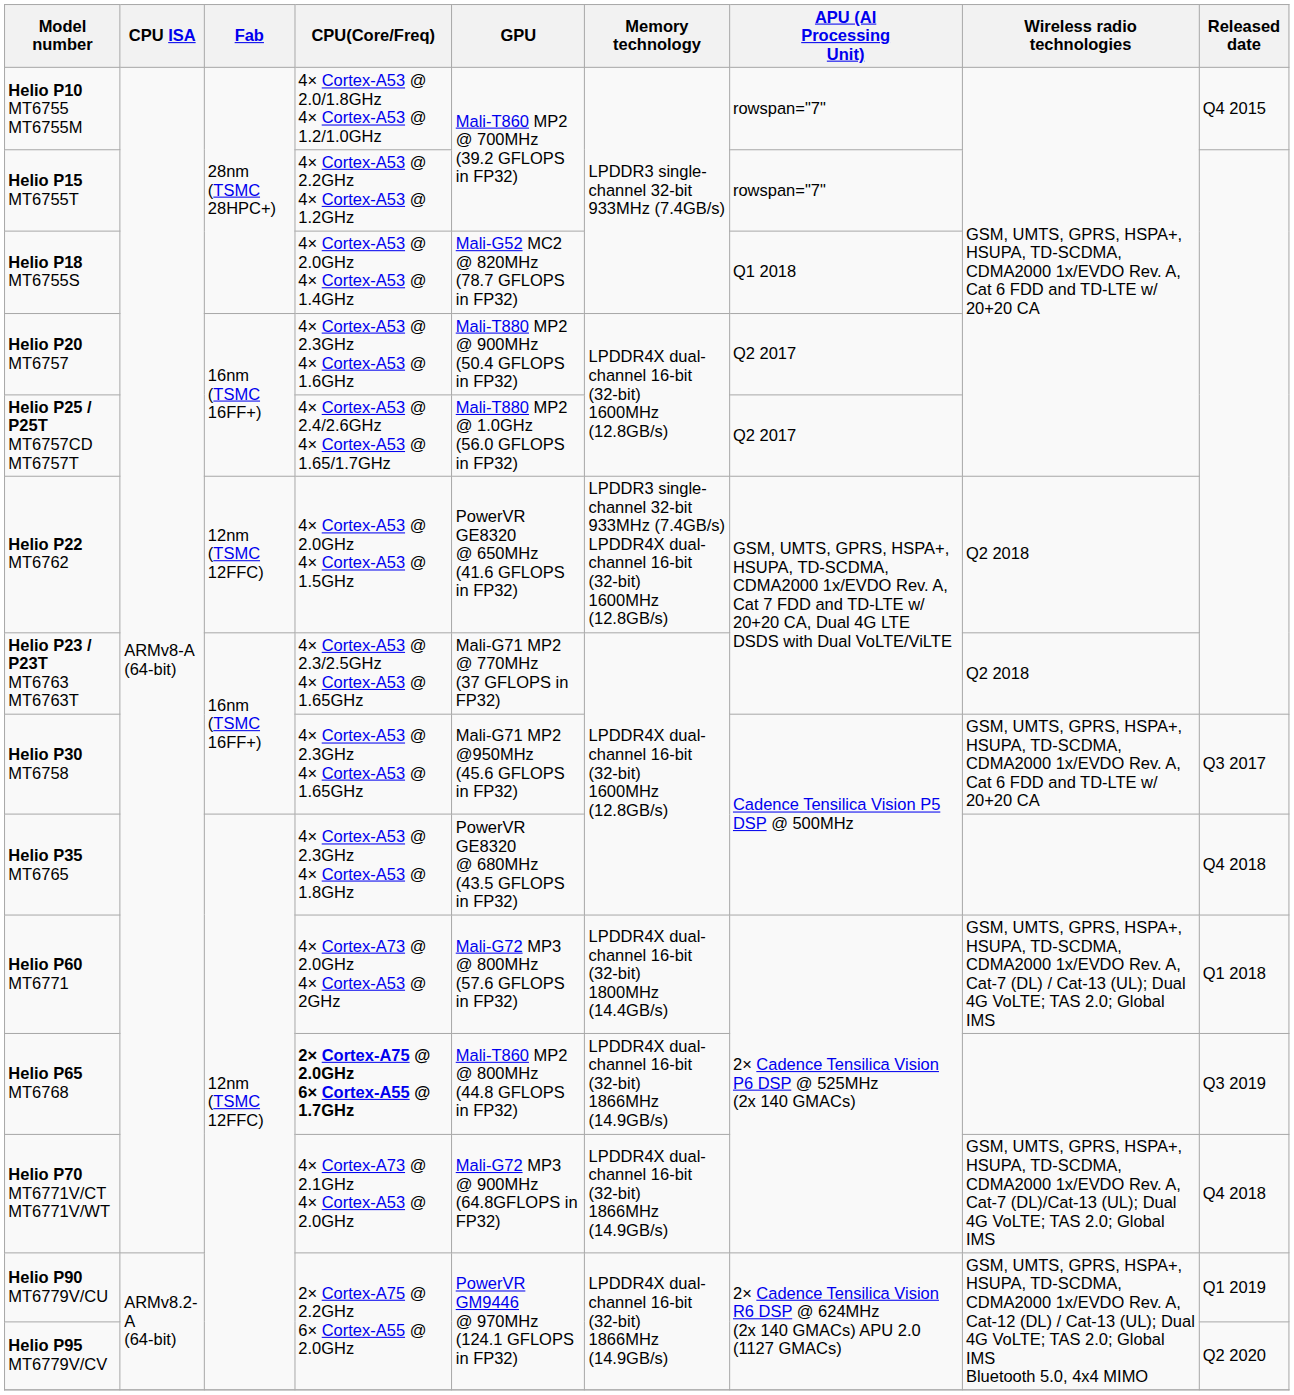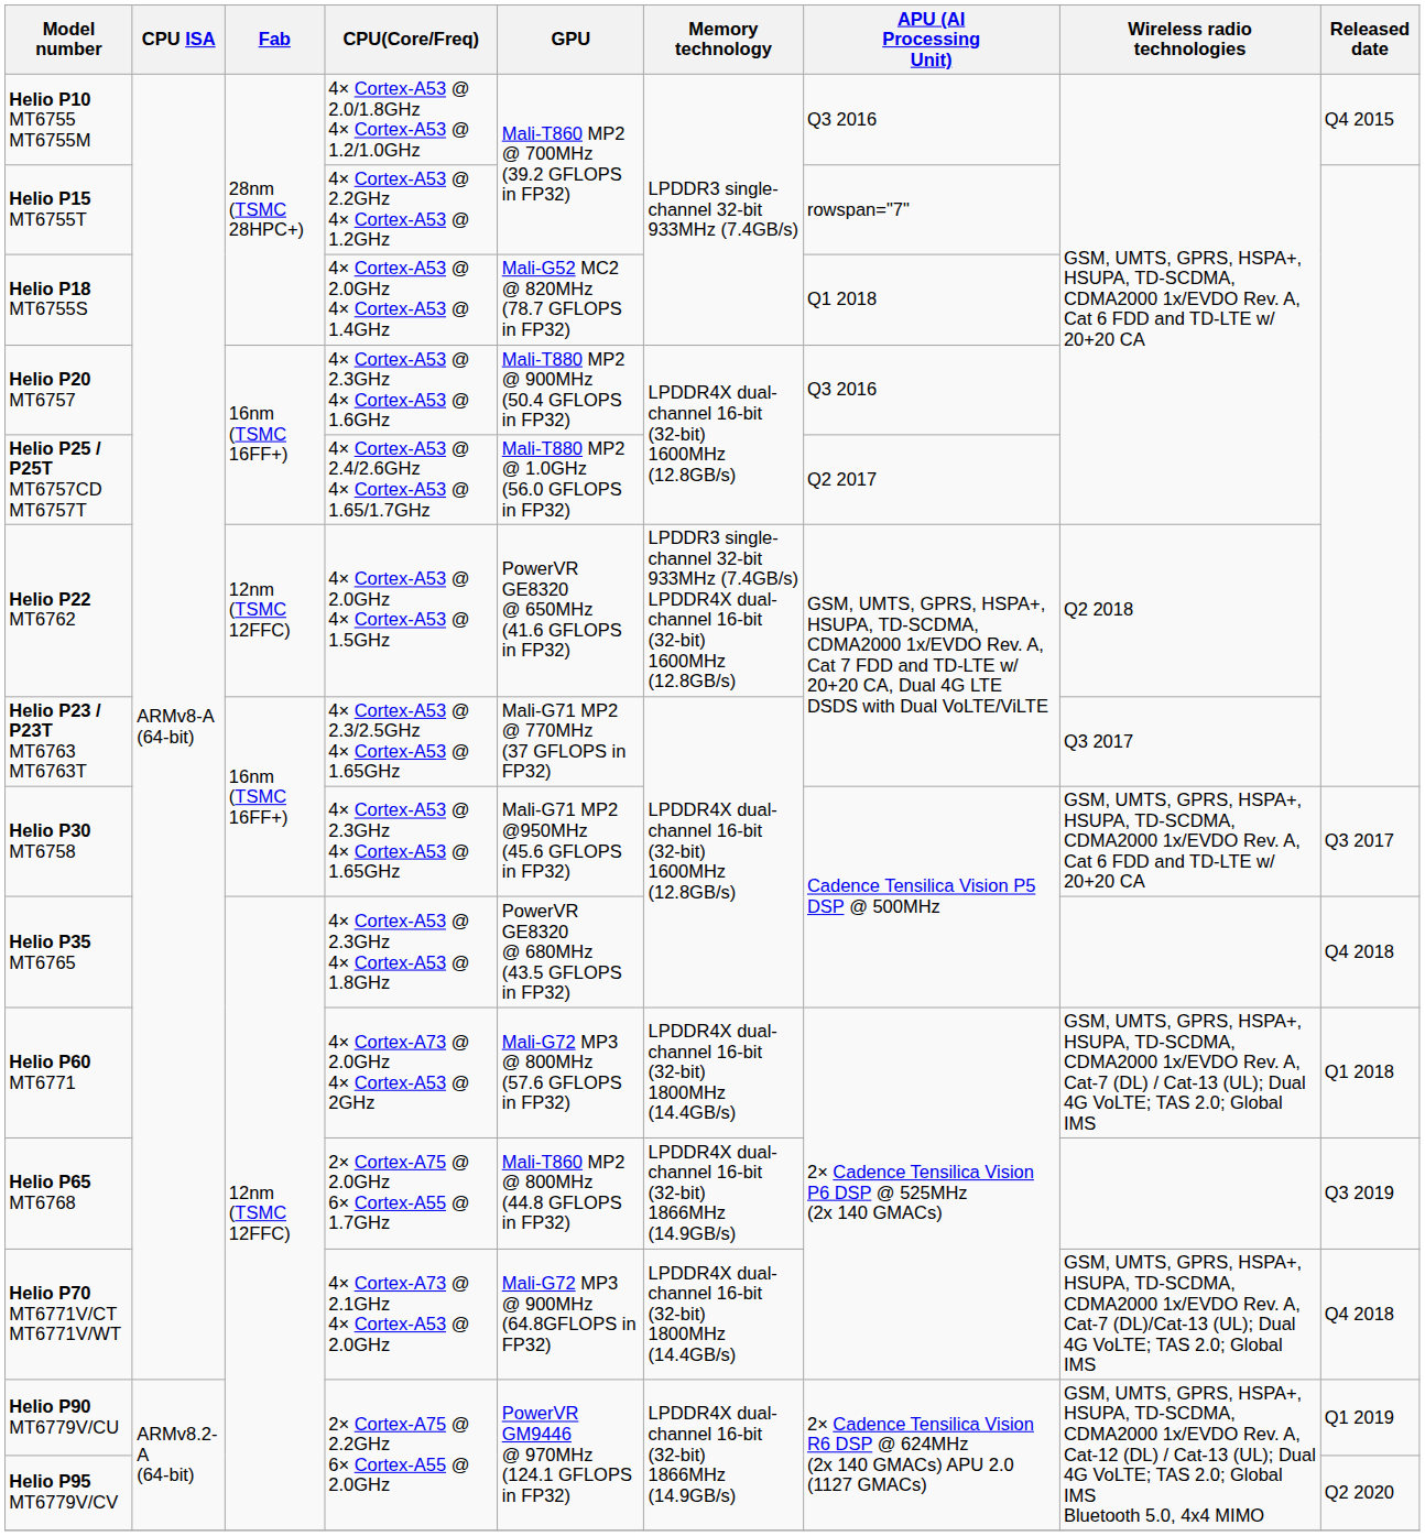 <table class="wikitable">
 <tr>
 <th>Model number</th>
 <th>CPU <a href='#'>ISA</a></th>
 <th><a href='#'>Fab</a></th>
 <th>CPU(Core/Freq)</th>
 <th>GPU</th>
 <th>Memory <br>technology</th>
 <th><a href='#'>APU (AI <br>Processing <br>Unit)</a></th>
 <th>Wireless radio <br>technologies</th>
 <th>Released date</th>
 </tr>
 <tr>
 <td><b>Helio P10</b><br>MT6755<br>MT6755M</td>
 <td rowspan="12">ARMv8-A <br>(64-bit)</td>
 <td rowspan="3">28nm<br>(<a href='#'>TSMC</a> 28HPC+)</td>
 <td>4× <a href='#'>Cortex-A53</a> @ 2.0/1.8GHz<br>4× <a href='#'>Cortex-A53</a> @ 1.2/1.0GHz</td>
 <td rowspan="2"><a href='#'>Mali-T860</a> MP2 <br>@ 700MHz<br>(39.2 GFLOPS in FP32)</td>
 <td rowspan="3">LPDDR3 single-channel 32-bit<br>933MHz (7.4GB/s)</td>
-<td>rowspan="7" </td>
+<td>Q3 2016</td>
 <td rowspan="5">GSM, UMTS, GPRS, HSPA+, HSUPA, TD-SCDMA, CDMA2000 1x/EVDO Rev. A,<br>Cat 6 FDD and TD-LTE w/ 20+20 CA</td>
 <td>Q4 2015</td>
 </tr>
 <tr>
 <td><b>Helio P15</b><br>MT6755T</td>
 <td>4× <a href='#'>Cortex-A53</a> @ 2.2GHz<br>4× <a href='#'>Cortex-A53</a> @ 1.2GHz</td>
 <td>rowspan="7" </td>
 </tr>
 <tr>
 <td><b>Helio P18</b><br>MT6755S</td>
 <td>4× <a href='#'>Cortex-A53</a> @ 2.0GHz<br>4× <a href='#'>Cortex-A53</a> @ 1.4GHz</td>
 <td><a href='#'>Mali-G52</a> MC2 <br>@ 820MHz <br>(78.7 GFLOPS in FP32)</td>
 <td>Q1 2018</td>
 </tr>
 <tr>
 <td><b>Helio P20</b><br>MT6757</td>
 <td rowspan="2">16nm <br>(<a href='#'>TSMC</a> 16FF+)</td>
 <td>4× <a href='#'>Cortex-A53</a> @ 2.3GHz<br>4× <a href='#'>Cortex-A53</a> @ 1.6GHz</td>
 <td><a href='#'>Mali-T880</a> MP2 <br>@ 900MHz<br>(50.4 GFLOPS in FP32)</td>
 <td rowspan="2">LPDDR4X dual-channel 16-bit (32-bit)<br>1600MHz (12.8GB/s)</td>
-<td>Q2 2017</td>
+<td>Q3 2016</td>
 </tr>
 <tr>
 <td><b>Helio P25 / P25T</b><br>MT6757CD <br>MT6757T</td>
 <td>4× <a href='#'>Cortex-A53</a> @ 2.4/2.6GHz<br>4× <a href='#'>Cortex-A53</a> @ 1.65/1.7GHz</td>
 <td><a href='#'>Mali-T880</a> MP2 <br>@ 1.0GHz<br>(56.0 GFLOPS in FP32)</td>
 <td>Q2 2017</td>
 </tr>
 <tr>
 <td><b>Helio P22</b><br>MT6762</td>
 <td>12nm <br>(<a href='#'>TSMC</a> 12FFC)</td>
 <td>4× <a href='#'>Cortex-A53</a> @ 2.0GHz<br>4× <a href='#'>Cortex-A53</a> @ 1.5GHz</td>
 <td>PowerVR GE8320 <br>@ 650MHz<br>(41.6 GFLOPS in FP32)</td>
 <td>LPDDR3 single-channel 32-bit<br>933MHz (7.4GB/s)<br>LPDDR4X dual-channel 16-bit (32-bit)<br>1600MHz (12.8GB/s)</td>
 <td rowspan="2">GSM, UMTS, GPRS, HSPA+, HSUPA, TD-SCDMA, CDMA2000 1x/EVDO Rev. A,<br>Cat 7 FDD and TD-LTE w/ 20+20 CA, Dual 4G LTE DSDS with Dual VoLTE/ViLTE</td>
 <td>Q2 2018</td>
 </tr>
 <tr>
 <td><b>Helio P23 / P23T</b><br>MT6763 <br>MT6763T</td>
 <td rowspan="2">16nm<br>(<a href='#'>TSMC</a> 16FF+)</td>
 <td>4× <a href='#'>Cortex-A53</a> @ 2.3/2.5GHz<br>4× <a href='#'>Cortex-A53</a> @ 1.65GHz</td>
 <td>Mali-G71 MP2 <br>@ 770MHz <br>(37 GFLOPS in FP32)</td>
 <td rowspan="3">LPDDR4X dual-channel 16-bit (32-bit)<br>1600MHz (12.8GB/s)</td>
-<td>Q2 2018</td>
+<td>Q3 2017</td>
 </tr>
 <tr>
 <td><b>Helio P30</b><br>MT6758</td>
 <td>4× <a href='#'>Cortex-A53</a> @ 2.3GHz<br>4× <a href='#'>Cortex-A53</a> @ 1.65GHz</td>
 <td>Mali-G71 MP2 <br>@950MHz<br>(45.6 GFLOPS in FP32)</td>
 <td rowspan="2"><a href='#'>Cadence Tensilica Vision P5 DSP</a> @ 500MHz</td>
 <td>GSM, UMTS, GPRS, HSPA+, HSUPA, TD-SCDMA, CDMA2000 1x/EVDO Rev. A,<br>Cat 6 FDD and TD-LTE w/ 20+20 CA</td>
 <td>Q3 2017</td>
 </tr>
 <tr>
 <td><b>Helio P35</b><br>MT6765</td>
 <td rowspan="6">12nm<br>(<a href='#'>TSMC</a> 12FFC)</td>
 <td>4× <a href='#'>Cortex-A53</a> @ 2.3GHz<br>4× <a href='#'>Cortex-A53</a> @ 1.8GHz</td>
 <td>PowerVR GE8320 <br>@ 680MHz<br>(43.5 GFLOPS in FP32)</td>
 <td></td>
 <td>Q4 2018</td>
 </tr>
 <tr>
 <td><b>Helio P60</b><br>MT6771</td>
 <td>4× <a href='#'>Cortex-A73</a> @ 2.0GHz<br>4× <a href='#'>Cortex-A53</a> @ 2GHz</td>
 <td><a href='#'>Mali-G72</a> MP3 <br>@ 800MHz <br>(57.6 GFLOPS in FP32)</td>
 <td>LPDDR4X dual-channel 16-bit (32-bit)<br>1800MHz (14.4GB/s)</td>
 <td rowspan="3">2× <a href='#'>Cadence Tensilica Vision P6 DSP</a> @ 525MHz<br>(2x 140 GMACs)</td>
 <td>GSM, UMTS, GPRS, HSPA+, HSUPA, TD-SCDMA, CDMA2000 1x/EVDO Rev. A,<br>Cat-7 (DL) / Cat-13 (UL); Dual 4G VoLTE; TAS 2.0; Global IMS</td>
 <td>Q1 2018</td>
 </tr>
 <tr>
 <td><b>Helio P65</b><br>MT6768</td>
-<td><strong>2× <a href='#'>Cortex-A75</a> @ 2.0GHz<br>6× <a href='#'>Cortex-A55</a> @ 1.7GHz</strong></td>
+<td>2× <a href='#'>Cortex-A75</a> @ 2.0GHz<br>6× <a href='#'>Cortex-A55</a> @ 1.7GHz</td>
 <td><a href='#'>Mali-T860</a> MP2 <br>@ 800MHz<br>(44.8 GFLOPS in FP32)</td>
 <td>LPDDR4X dual-channel 16-bit (32-bit)<br>1866MHz (14.9GB/s)</td>
 <td></td>
 <td>Q3 2019</td>
 </tr>
 <tr>
 <td><b>Helio P70</b><br>MT6771V/CT <br>MT6771V/WT</td>
 <td>4× <a href='#'>Cortex-A73</a> @ 2.1GHz<br>4× <a href='#'>Cortex-A53</a> @ 2.0GHz</td>
 <td><a href='#'>Mali-G72</a> MP3 <br>@ 900MHz <br>(64.8GFLOPS in FP32)</td>
-<td>LPDDR4X dual-channel 16-bit (32-bit)<br>1866MHz (14.9GB/s)</td>
+<td>LPDDR4X dual-channel 16-bit (32-bit)<br>1800MHz (14.4GB/s)</td>
 <td>GSM, UMTS, GPRS, HSPA+, HSUPA, TD-SCDMA, CDMA2000 1x/EVDO Rev. A,<br>Cat-7 (DL)/Cat-13 (UL); Dual 4G VoLTE; TAS 2.0; Global IMS</td>
 <td>Q4 2018</td>
 </tr>
 <tr>
 <td><b>Helio P90</b><br>MT6779V/CU</td>
 <td rowspan=2>ARMv8.2-A<br>(64-bit)</td>
 <td rowspan=2>2× <a href='#'>Cortex-A75</a> @ 2.2GHz<br>6× <a href='#'>Cortex-A55</a> @ 2.0GHz</td>
 <td rowspan=2><a href='#'>PowerVR GM9446</a> <br>@ 970MHz<br>(124.1 GFLOPS in FP32)</td>
 <td rowspan=2>LPDDR4X dual-channel 16-bit (32-bit)<br>1866MHz (14.9GB/s)</td>
 <td rowspan=2>2× <a href='#'>Cadence Tensilica Vision R6 DSP</a> @ 624MHz<br>(2x 140 GMACs) APU 2.0 (1127 GMACs)</td>
 <td rowspan=2>GSM, UMTS, GPRS, HSPA+, HSUPA, TD-SCDMA, CDMA2000 1x/EVDO Rev. A,<br>Cat-12 (DL) / Cat-13 (UL); Dual 4G VoLTE; TAS 2.0; Global IMS<br>Bluetooth 5.0, 4x4 MIMO</td>
 <td>Q1 2019</td>
 </tr>
 <tr>
 <td><b>Helio P95</b><br>MT6779V/CV</td>
 <td>Q2 2020</td>
 </tr>
 <tr>
 </tr>
 </table>
